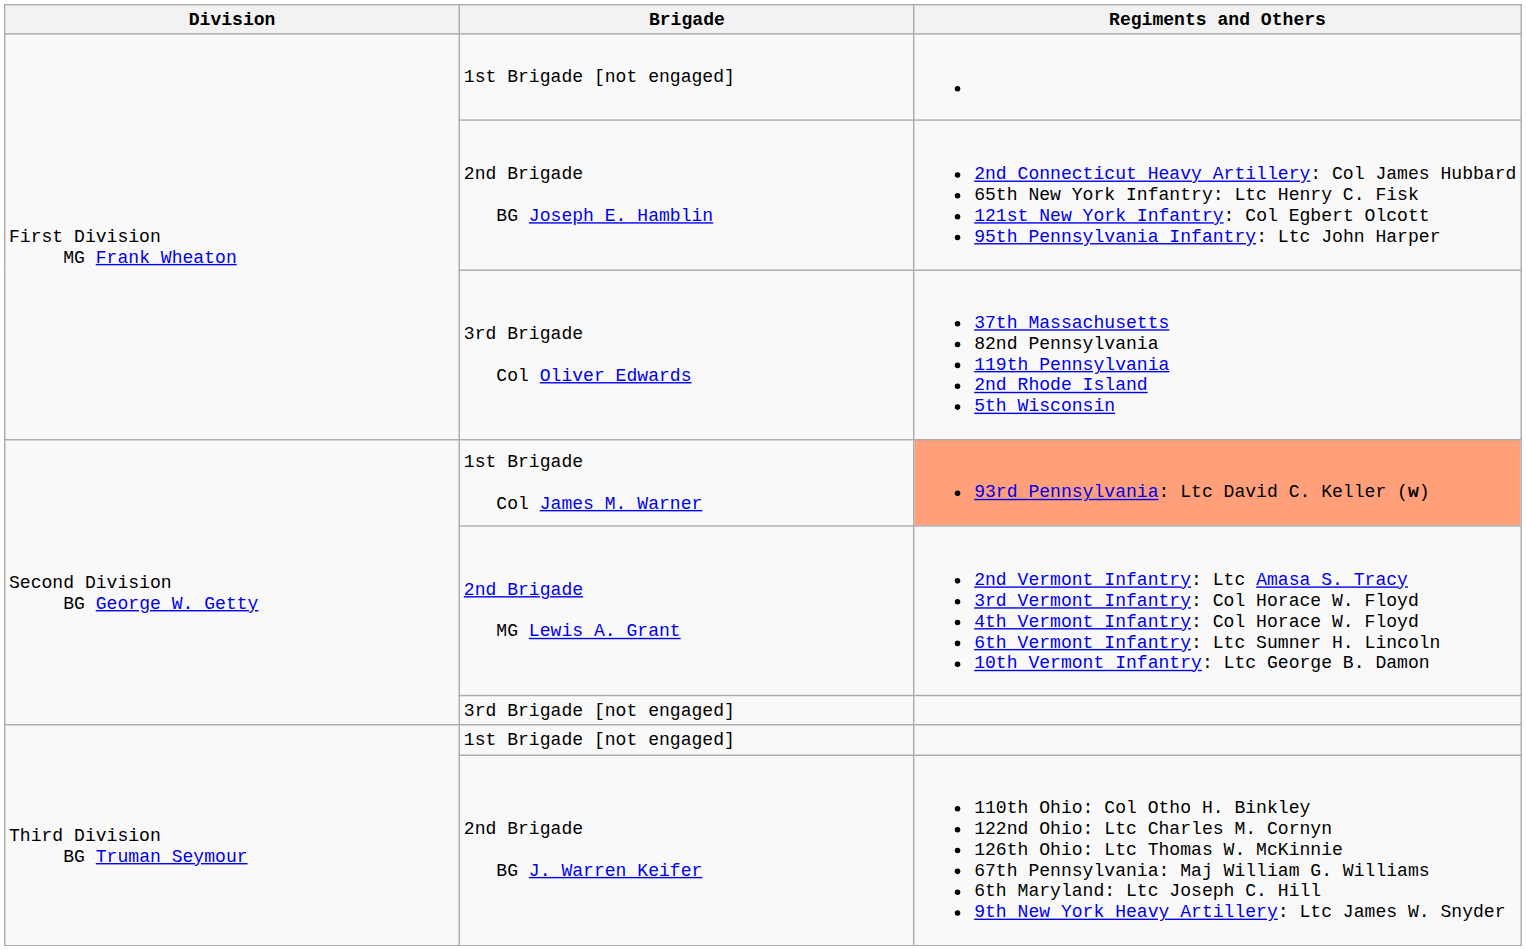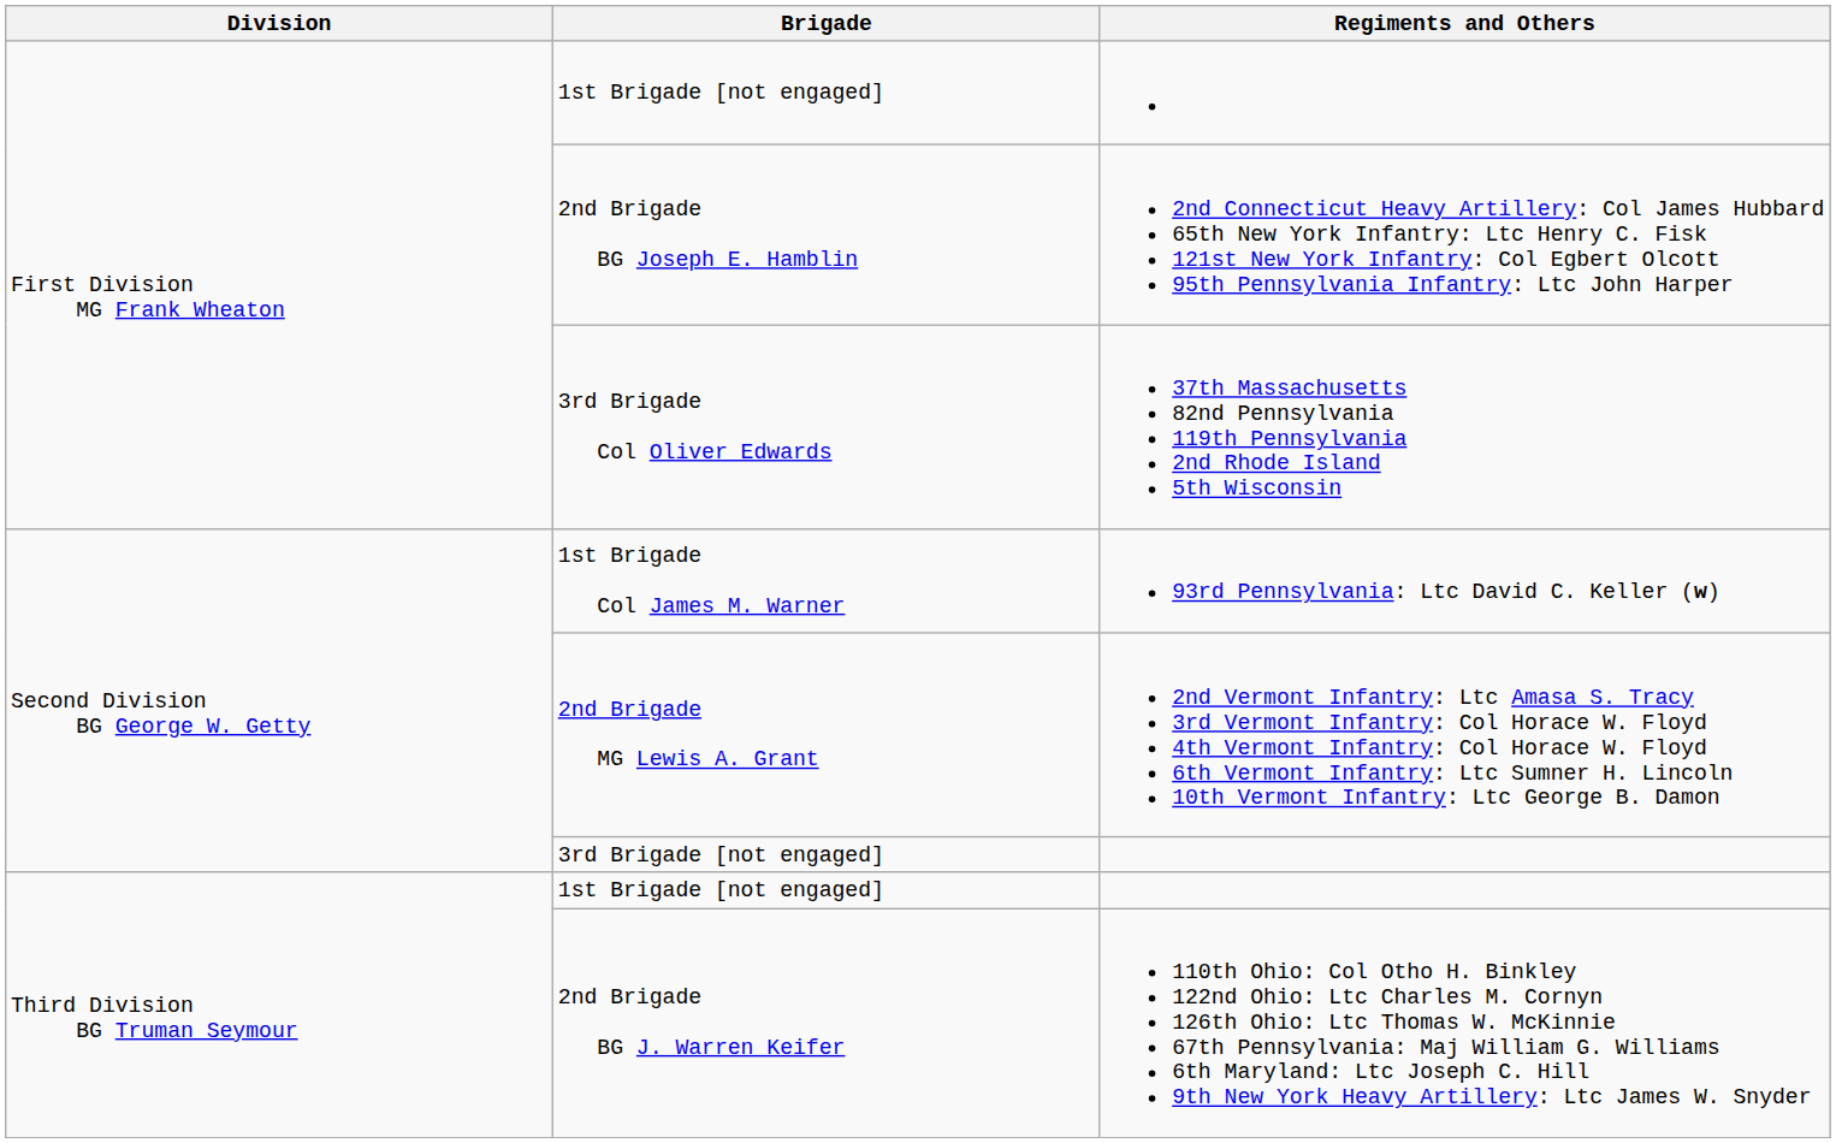 <table class="wikitable">
 <tr>
 <th width=30%>Division</th>
 <th width=30%>Brigade</th>
 <th>Regiments and Others</th>
 </tr>
 <tr>
 <td rowspan=3><br>First Division <br>     MG <a href='#'>Frank Wheaton</a></td>
 <td>1st Brigade [not engaged]</td>
 <td><br><ul><li></li></ul></td>
 </tr>
 <tr>
 <td>2nd Brigade<br><br>   BG <a href='#'>Joseph E. Hamblin</a></td>
 <td><br><ul><li><a href='#'>2nd Connecticut Heavy Artillery</a>: Col James Hubbard</li><li>65th New York Infantry: Ltc Henry C. Fisk</li><li><a href='#'>121st New York Infantry</a>: Col Egbert Olcott</li><li><a href='#'>95th Pennsylvania Infantry</a>: Ltc John Harper</li></ul></td>
 </tr>
 <tr>
 <td>3rd Brigade<br><br>   Col <a href='#'>Oliver Edwards</a></td>
 <td><br><ul><li><a href='#'>37th Massachusetts</a></li><li>82nd Pennsylvania</li><li><a href='#'>119th Pennsylvania</a></li><li><a href='#'>2nd Rhode Island</a></li><li><a href='#'>5th Wisconsin</a></li></ul></td>
 </tr>
 <tr>
 <td rowspan= 3><br>Second Division <br>     BG <a href='#'>George W. Getty</a></td>
 <td>1st Brigade<br><br>   Col <a href='#'>James M. Warner</a></td>
-<td style="background: lightsalmon;"><br><ul><li><a href='#'>93rd Pennsylvania</a>: Ltc David C. Keller (<strong>w</strong>)</li></ul></td>
+<td><br><ul><li><a href='#'>93rd Pennsylvania</a>: Ltc David C. Keller (<strong>w</strong>)</li></ul></td>
 </tr>
 <tr>
 <td><a href='#'>2nd Brigade</a><br><br>   MG <a href='#'>Lewis A. Grant</a></td>
 <td><br><ul><li><a href='#'>2nd Vermont Infantry</a>: Ltc <a href='#'>Amasa S. Tracy</a></li><li><a href='#'>3rd Vermont Infantry</a>: Col Horace W. Floyd</li><li><a href='#'>4th Vermont Infantry</a>: Col Horace W. Floyd</li><li><a href='#'>6th Vermont Infantry</a>: Ltc Sumner H. Lincoln</li><li><a href='#'>10th Vermont Infantry</a>: Ltc George B. Damon</li></ul></td>
 </tr>
 <tr>
 <td>3rd Brigade [not engaged]</td>
 <td></td>
 </tr>
 <tr>
 <td rowspan=2><br>Third Division <br>     BG <a href='#'>Truman Seymour</a></td>
 <td>1st Brigade [not engaged]</td>
 <td></td>
 </tr>
 <tr>
 <td>2nd Brigade<br><br>   BG <a href='#'>J. Warren Keifer</a></td>
 <td><br><ul><li>110th Ohio: Col Otho H. Binkley</li><li>122nd Ohio: Ltc Charles M. Cornyn</li><li>126th Ohio: Ltc Thomas W. McKinnie</li><li>67th Pennsylvania: Maj William G. Williams</li><li>6th Maryland: Ltc Joseph C. Hill</li><li><a href='#'>9th New York Heavy Artillery</a>: Ltc James W. Snyder</li></ul></td>
 </tr>
 </table>
